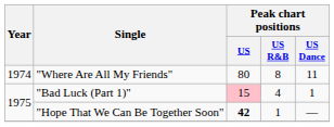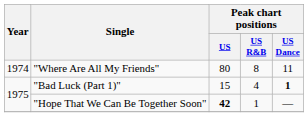 <table class="wikitable" style="text-align:center;">
 <tr>
 <th rowspan="2">Year</th>
 <th rowspan="2">Single</th>
 <th colspan="4">Peak chart positions</th>
 </tr>
 <tr style="font-size:smaller;">
 <th width="40"><a href='#'>US</a><br></th>
 <th width="40"><a href='#'>US<br>R&B</a><br></th>
 <th width="40"><a href='#'>US<br>Dance</a><br></th>
 </tr>
 <tr>
 <td rowspan="1">1974</td>
 <td align="left">"Where Are All My Friends"</td>
 <td>80</td>
 <td>8</td>
 <td>11</td>
 </tr>
 <tr>
 <td rowspan="2">1975</td>
 <td align="left">"Bad Luck (Part 1)"</td>
-<td style="background: pink;">15</td>
+<td>15</td>
 <td>4</td>
-<td>1</td>
+<td><strong>1</strong></td>
 </tr>
 <tr>
 <td align="left">"Hope That We Can Be Together Soon"</td>
 <td><strong>42</strong></td>
 <td>1</td>
 <td>—</td>
 </tr>
 <tr>
 </tr>
 </table>
